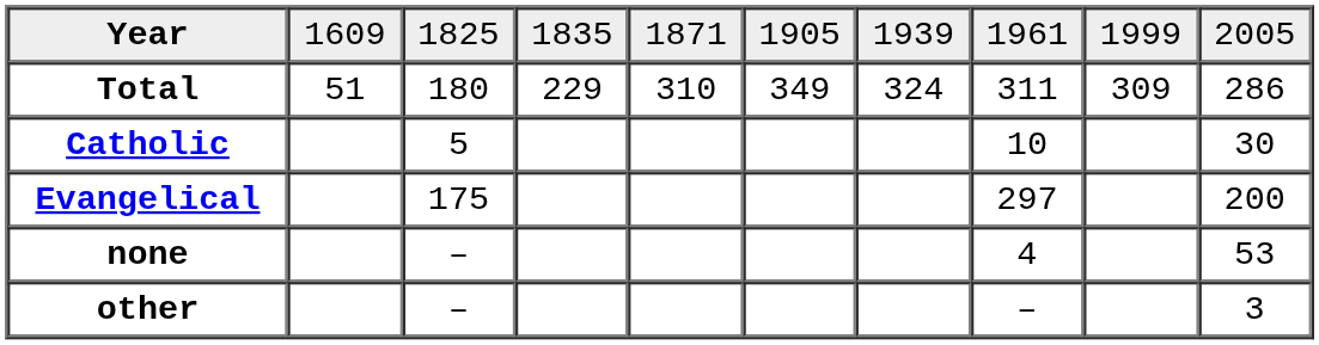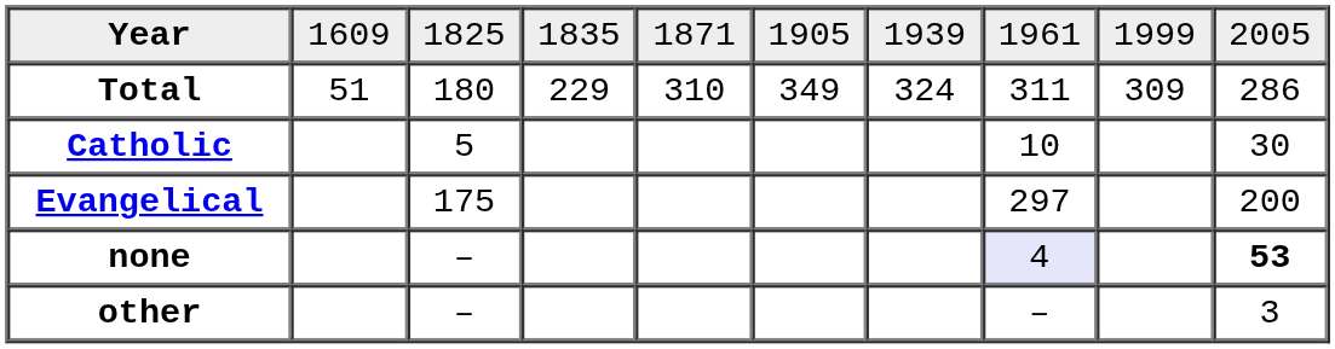 <table border="1" cellpadding="2" cellspacing="0" width="500">
 <tr bgcolor="#eeeeee" align="center">
 <td><strong>Year</strong></td>
 <td>1609</td>
 <td>1825</td>
 <td>1835</td>
 <td>1871</td>
 <td>1905</td>
 <td>1939</td>
 <td>1961</td>
 <td>1999</td>
 <td>2005</td>
 </tr>
 <tr align="center">
 <td><strong>Total</strong></td>
 <td>51</td>
 <td>180</td>
 <td>229</td>
 <td>310</td>
 <td>349</td>
 <td>324</td>
 <td>311</td>
 <td>309</td>
 <td>286</td>
 </tr>
 <tr align="center">
 <td><strong><a href='#'>Catholic</a></strong></td>
 <td> </td>
 <td>5</td>
 <td> </td>
 <td> </td>
 <td> </td>
 <td> </td>
 <td>10</td>
 <td> </td>
 <td>30</td>
 </tr>
 <tr align="center">
 <td><strong><a href='#'>Evangelical</a></strong></td>
 <td> </td>
 <td>175</td>
 <td> </td>
 <td> </td>
 <td> </td>
 <td> </td>
 <td>297</td>
 <td> </td>
 <td>200</td>
 </tr>
 <tr align="center">
 <td><strong>none</strong></td>
 <td> </td>
 <td>–</td>
 <td> </td>
 <td> </td>
 <td> </td>
 <td> </td>
-<td>4</td>
+<td style="background: lavender;">4</td>
 <td> </td>
-<td>53</td>
+<td><strong>53</strong></td>
 </tr>
 <tr align="center">
 <td><strong>other</strong></td>
 <td> </td>
 <td>–</td>
 <td> </td>
 <td> </td>
 <td> </td>
 <td> </td>
 <td>–</td>
 <td> </td>
 <td>3</td>
 </tr>
 </table>
